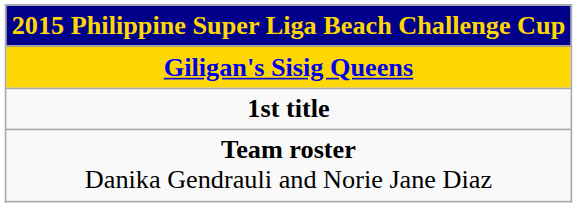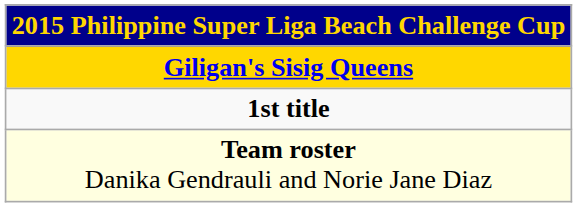 <table class=wikitable style="text-align:center; margin:auto;">
 <tr>
 <th style="background:#00008B; color:#FFD700;">2015 Philippine Super Liga Beach Challenge Cup</th>
 </tr>
 <tr bgcolor="gold">
 <td><strong><a href='#'>Giligan's Sisig Queens</a></strong></td>
 </tr>
 <tr>
 <td><strong>1st title</strong></td>
 </tr>
 <tr>
-<td><strong>Team roster</strong><br>Danika Gendrauli and Norie Jane Diaz</td>
+<td style="background: lightyellow;"><strong>Team roster</strong><br>Danika Gendrauli and Norie Jane Diaz</td>
 </tr>
 </table>
